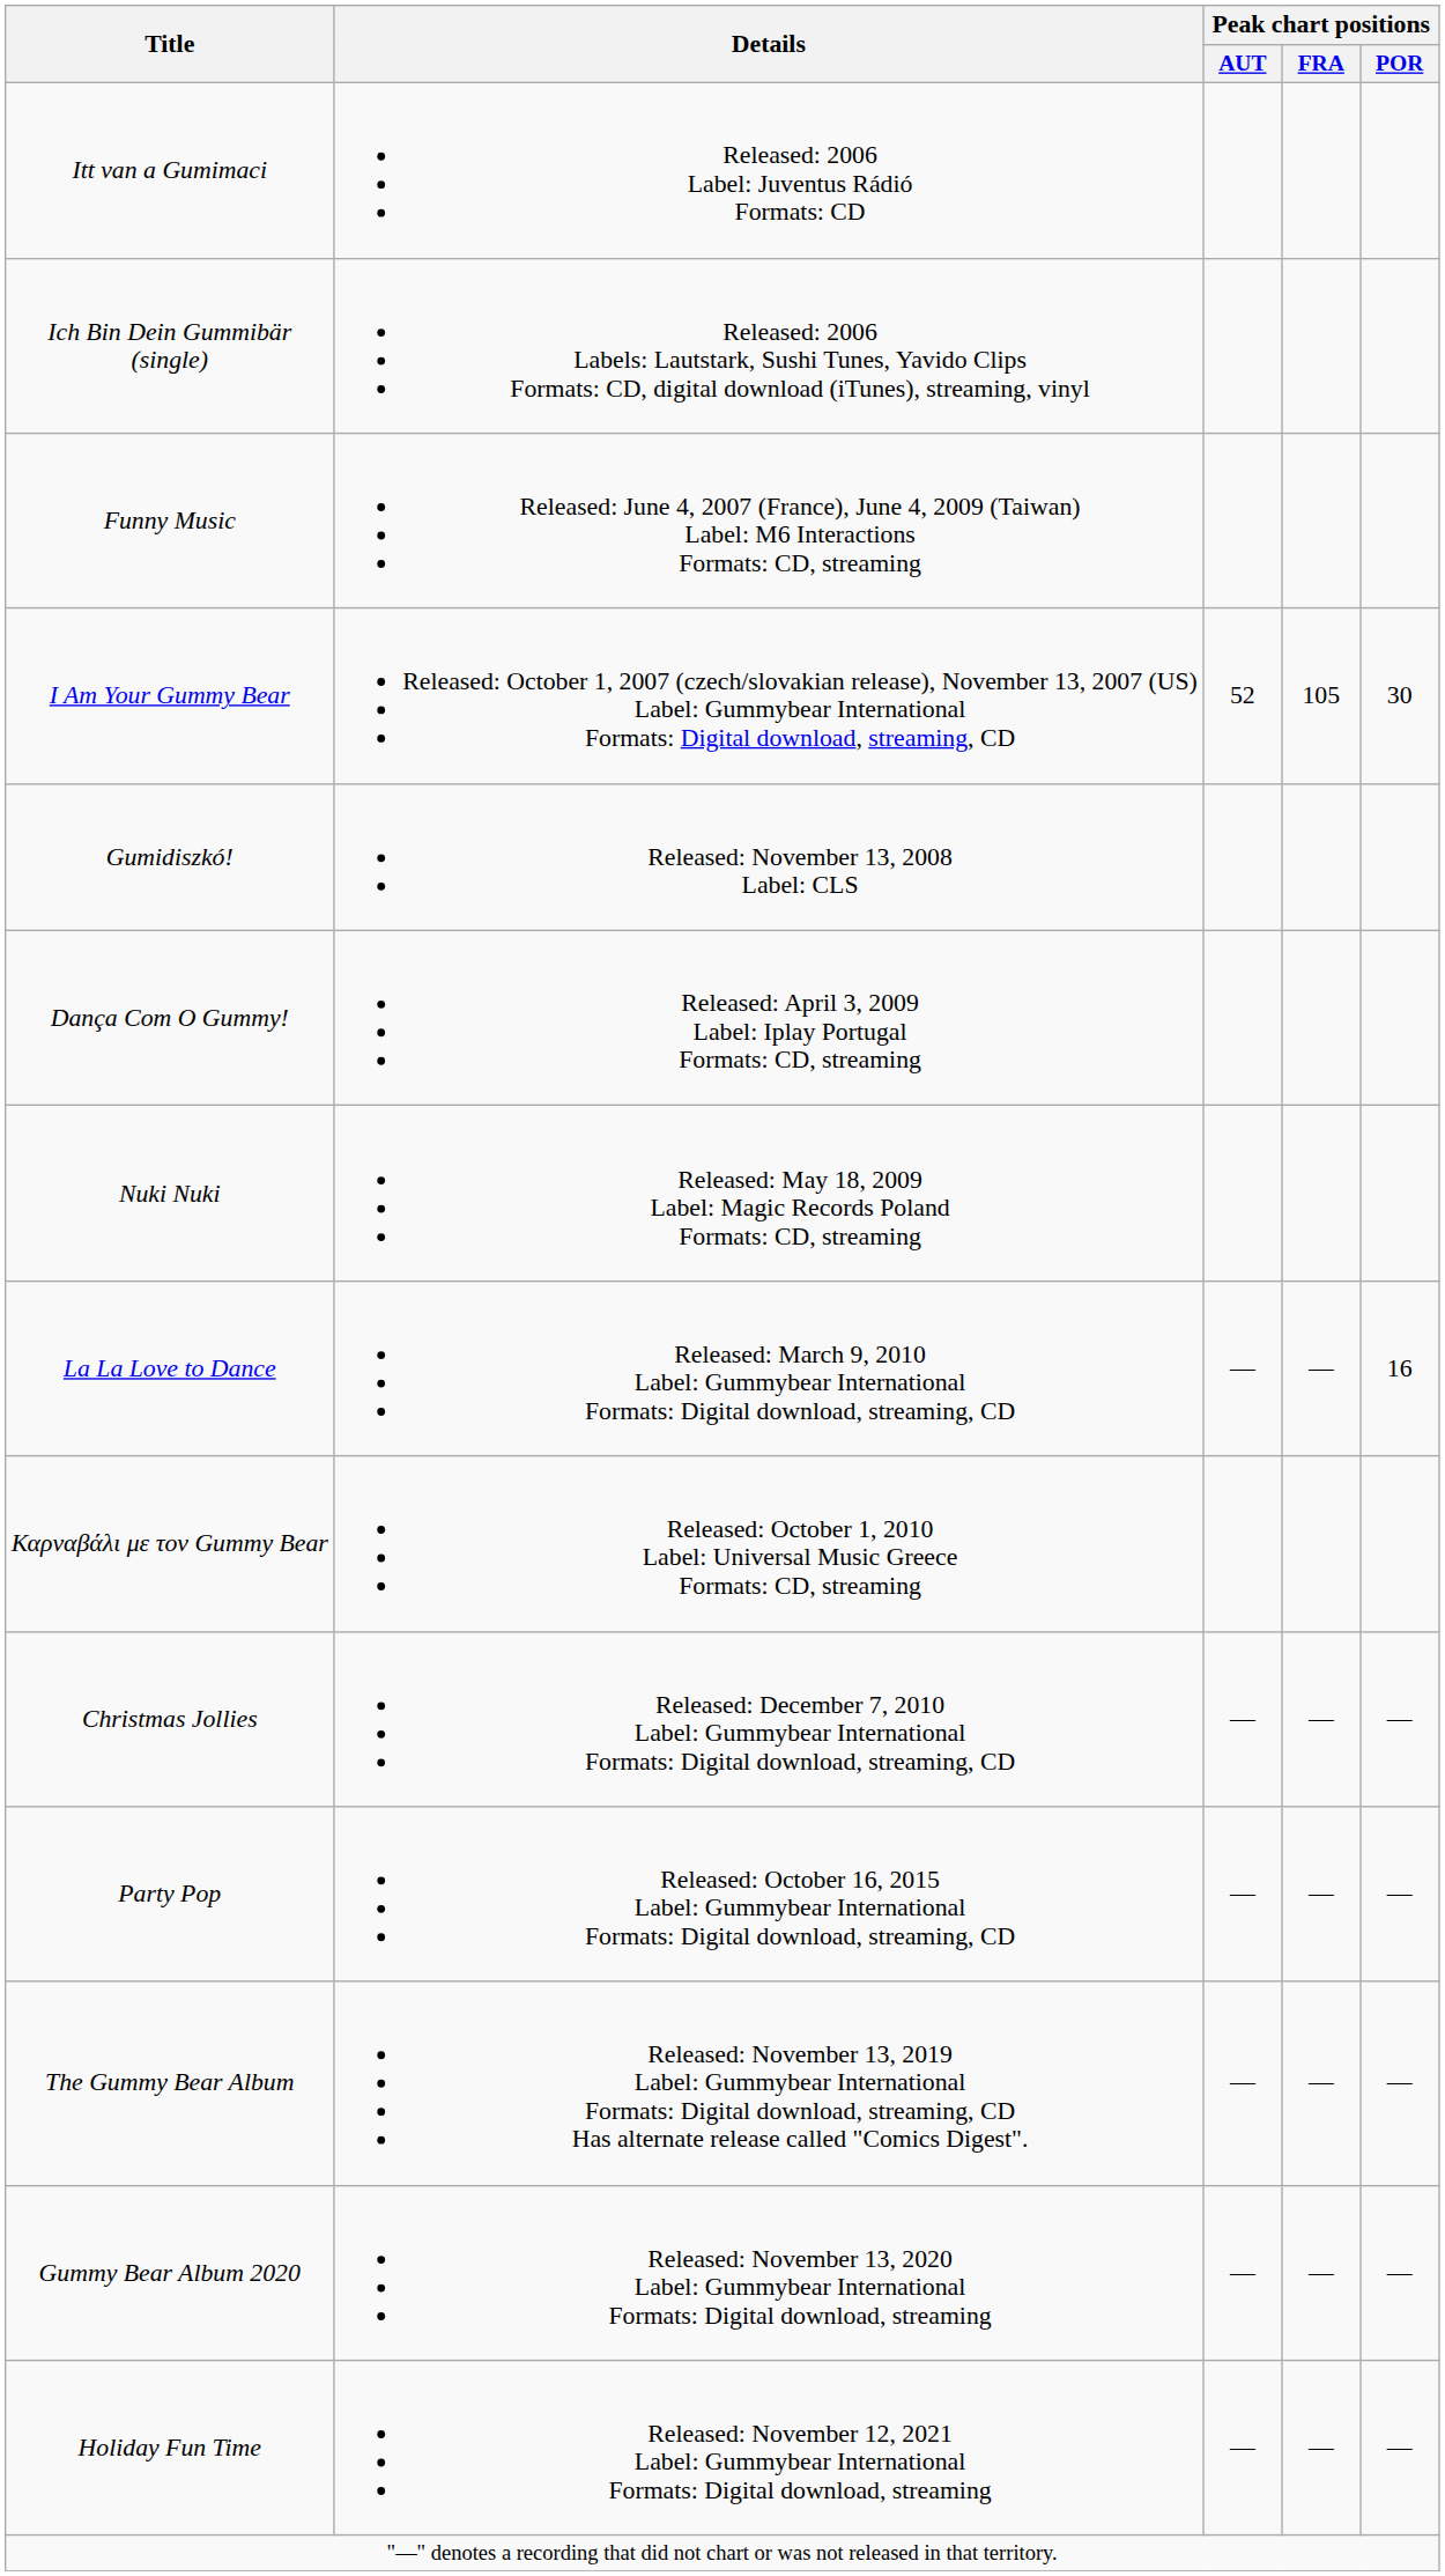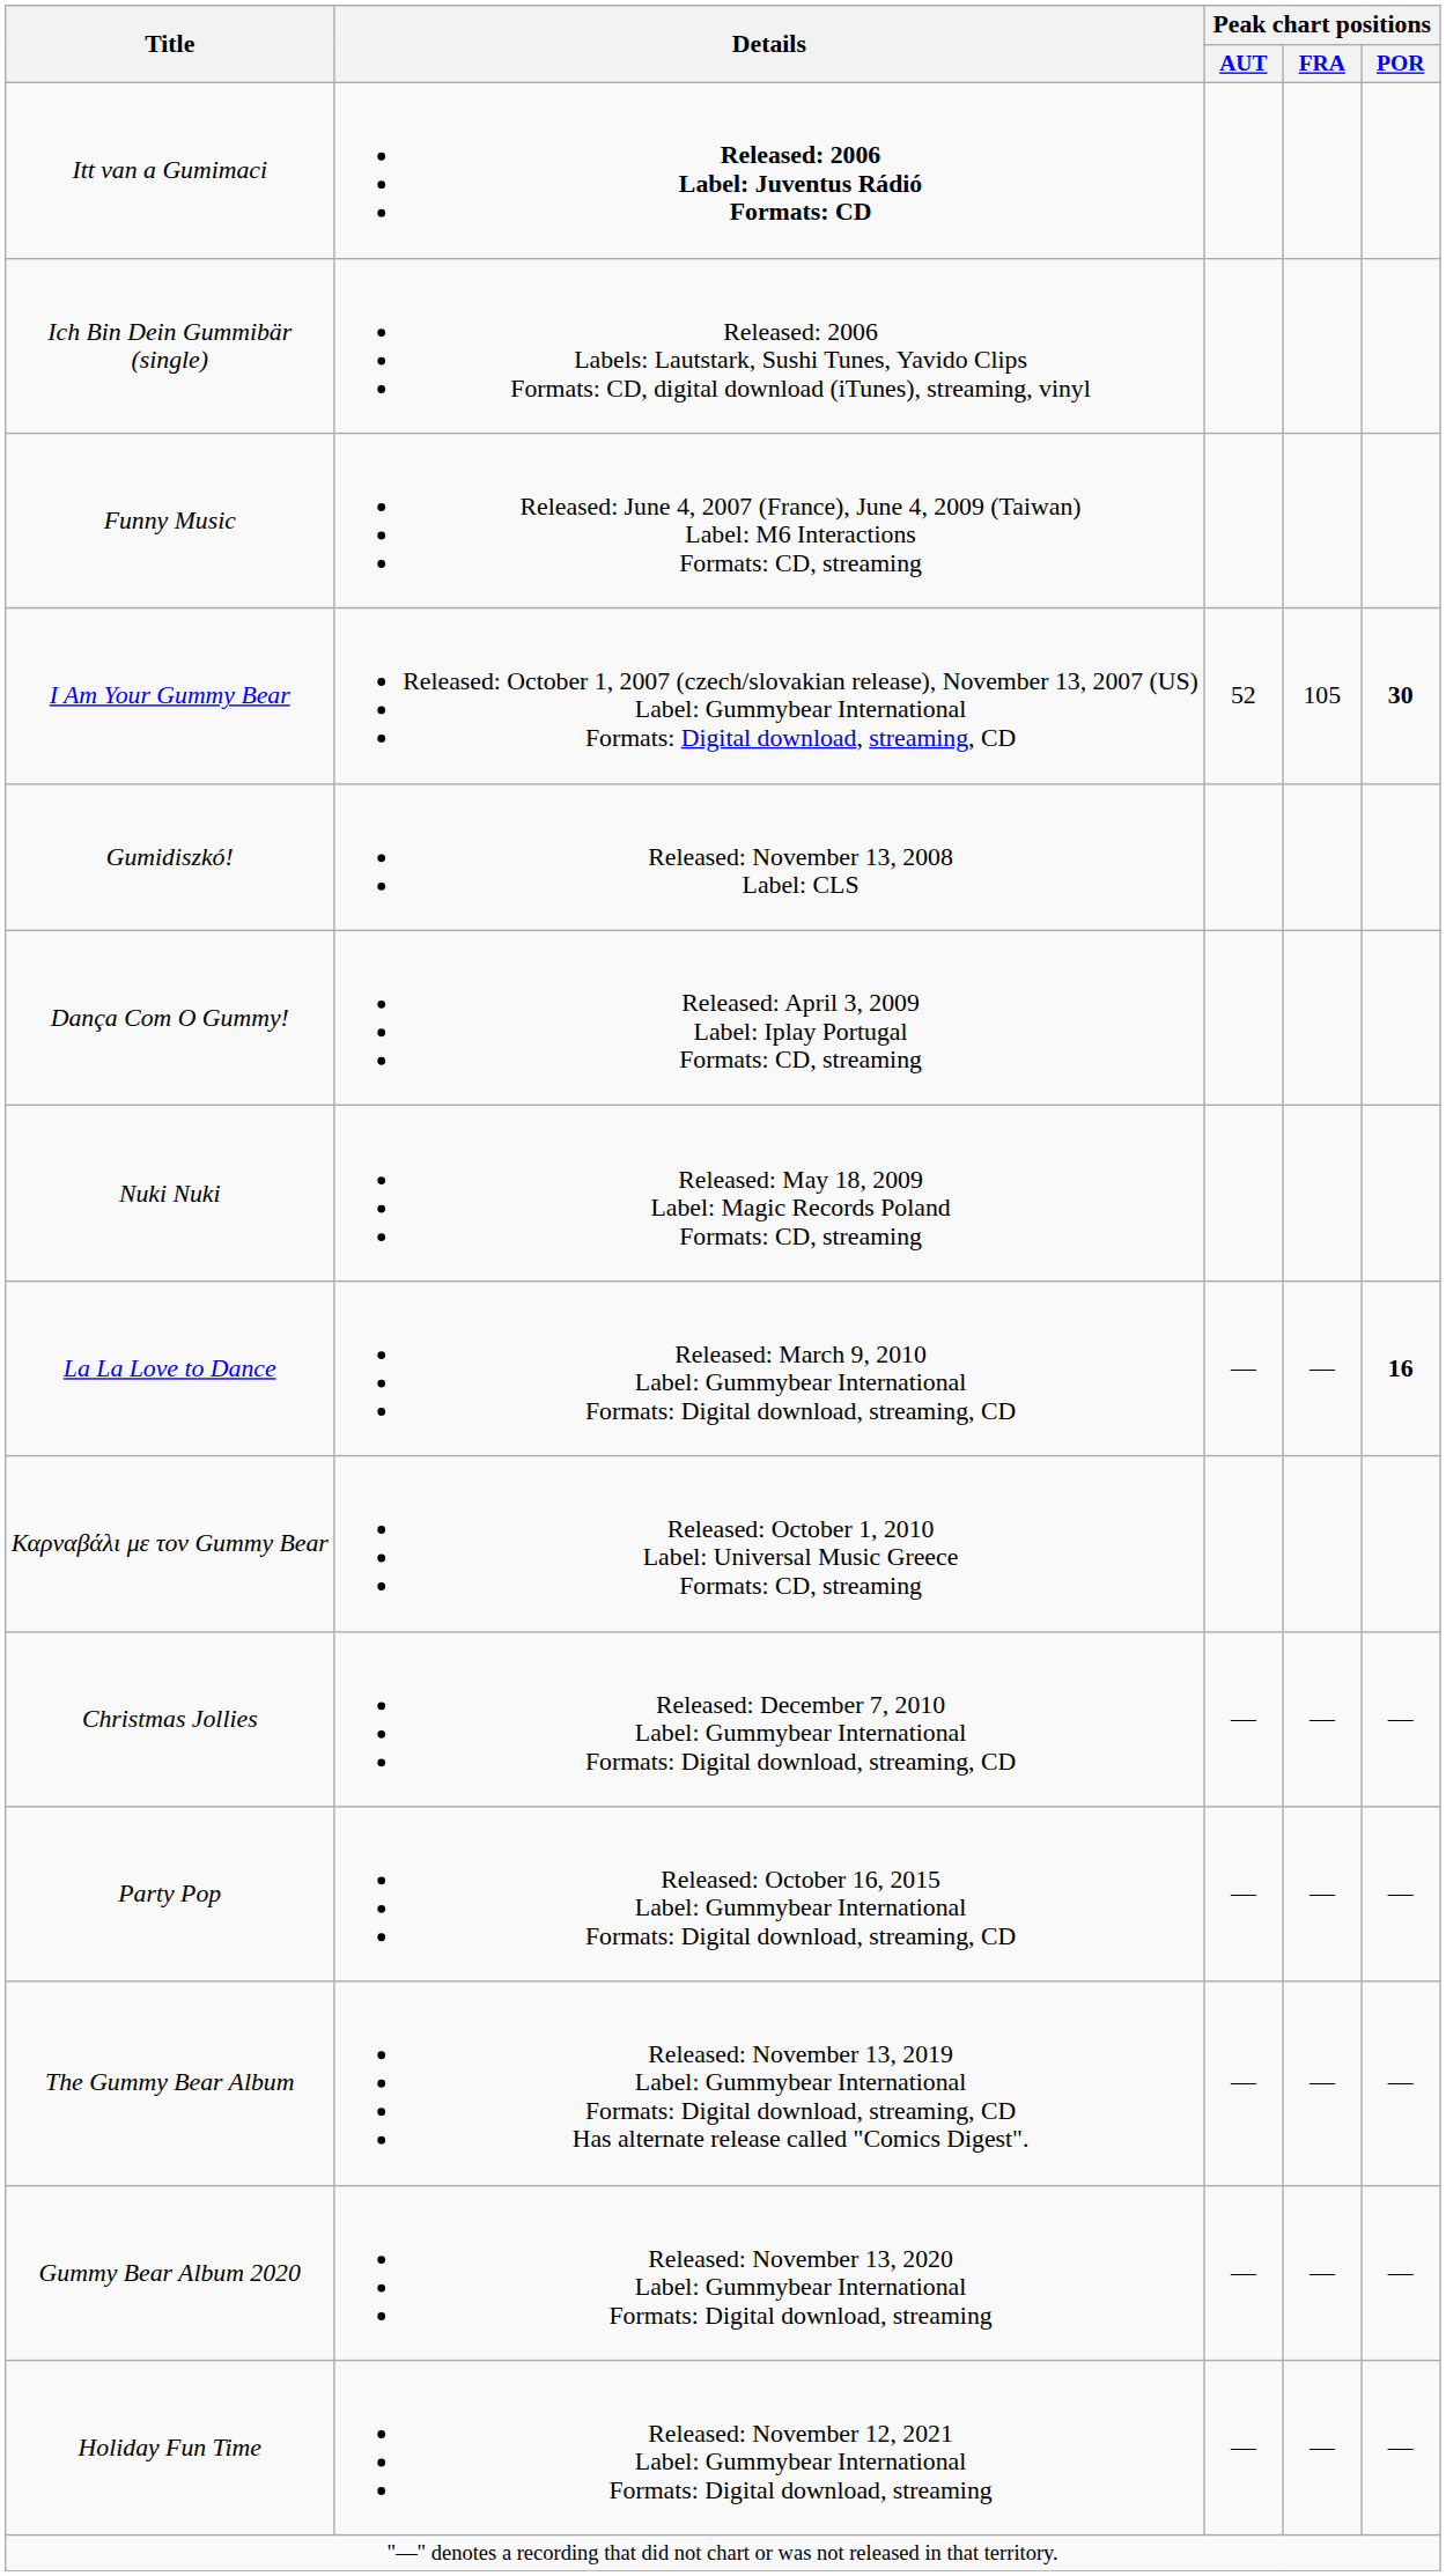 <table class="wikitable plainrowheaders" style="text-align:center;">
 <tr>
 <th scope="col" rowspan="2">Title</th>
 <th scope="col" rowspan="2">Details</th>
 <th scope="col" colspan="9">Peak chart positions</th>
 </tr>
 <tr>
 <th scope="col" style="width:3em;font-size:90%;"><a href='#'>AUT</a><br></th>
 <th scope="col" style="width:3em;font-size:90%;"><a href='#'>FRA</a><br></th>
 <th scope="col" style="width:3em;font-size:90%;"><a href='#'>POR</a><br></th>
 </tr>
 <tr>
 <td><em>Itt van a Gumimaci</em></td>
-<td><br><ul><li>Released: 2006</li><li>Label: Juventus Rádió</li><li>Formats: CD</li></ul></td>
+<td><strong><br><ul><li>Released: 2006</li><li>Label: Juventus Rádió</li><li>Formats: CD</li></ul></strong></td>
 <td></td>
 <td></td>
 <td></td>
 </tr>
 <tr>
 <td><em>Ich Bin Dein Gummibär</em><br><em>(single)</em></td>
 <td><br><ul><li>Released: 2006</li><li>Labels: Lautstark, Sushi Tunes, Yavido Clips</li><li>Formats: CD, digital download (iTunes), streaming, vinyl</li></ul></td>
 <td></td>
 <td></td>
 <td></td>
 </tr>
 <tr>
 <td><em>Funny Music</em></td>
 <td><br><ul><li>Released: June 4, 2007 (France), June 4, 2009 (Taiwan)</li><li>Label: M6 Interactions</li><li>Formats: CD, streaming</li></ul></td>
 <td></td>
 <td></td>
 <td></td>
 </tr>
 <tr>
 <td><em><a href='#'>I Am Your Gummy Bear</a></em></td>
 <td><br><ul><li>Released: October 1, 2007 (czech/slovakian release), November 13, 2007 (US)</li><li>Label: Gummybear International</li><li>Formats: <a href='#'>Digital download</a>, <a href='#'>streaming</a>, CD</li></ul></td>
 <td>52</td>
 <td>105</td>
-<td>30</td>
+<td><strong>30</strong></td>
 </tr>
 <tr>
 <td><em>Gumidiszkó!</em></td>
 <td><br><ul><li>Released: November 13, 2008</li><li>Label: CLS</li></ul></td>
 <td></td>
 <td></td>
 <td></td>
 </tr>
 <tr>
 <td><em>Dança Com O Gummy!</em></td>
 <td><br><ul><li>Released: April 3, 2009</li><li>Label: Iplay Portugal</li><li>Formats: CD, streaming</li></ul></td>
 <td></td>
 <td></td>
 <td></td>
 </tr>
 <tr>
 <td><em>Nuki Nuki</em></td>
 <td><br><ul><li>Released: May 18, 2009</li><li>Label: Magic Records Poland</li><li>Formats: CD, streaming</li></ul></td>
 <td></td>
 <td></td>
 <td></td>
 </tr>
 <tr>
 <td><em><a href='#'>La La Love to Dance</a></em></td>
 <td><br><ul><li>Released: March 9, 2010</li><li>Label: Gummybear International</li><li>Formats: Digital download, streaming, CD</li></ul></td>
 <td>—</td>
 <td>—</td>
-<td>16</td>
+<td><strong>16</strong></td>
 </tr>
 <tr>
 <td><em>Καρναβάλι με τον Gummy Bear</em></td>
 <td><br><ul><li>Released: October 1, 2010</li><li>Label: Universal Music Greece</li><li>Formats: CD, streaming</li></ul></td>
 <td></td>
 <td></td>
 <td></td>
 </tr>
 <tr>
 <td><em>Christmas Jollies</em></td>
 <td><br><ul><li>Released: December 7, 2010</li><li>Label: Gummybear International</li><li>Formats: Digital download, streaming, CD</li></ul></td>
 <td>—</td>
 <td>—</td>
 <td>—</td>
 </tr>
 <tr>
 <td><em>Party Pop</em></td>
 <td><br><ul><li>Released: October 16, 2015</li><li>Label: Gummybear International</li><li>Formats: Digital download, streaming, CD</li></ul></td>
 <td>—</td>
 <td>—</td>
 <td>—</td>
 </tr>
 <tr>
 <td><em>The Gummy Bear Album</em></td>
 <td><br><ul><li>Released: November 13, 2019</li><li>Label: Gummybear International</li><li>Formats: Digital download, streaming, CD</li><li>Has alternate release called "Comics Digest".</li></ul></td>
 <td>—</td>
 <td>—</td>
 <td>—</td>
 </tr>
 <tr>
 <td><em>Gummy Bear Album 2020</em></td>
 <td><br><ul><li>Released: November 13, 2020</li><li>Label: Gummybear International</li><li>Formats: Digital download, streaming</li></ul></td>
 <td>—</td>
 <td>—</td>
 <td>—</td>
 </tr>
 <tr>
 <td><em>Holiday Fun Time</em></td>
 <td><br><ul><li>Released: November 12, 2021</li><li>Label: Gummybear International</li><li>Formats: Digital download, streaming</li></ul></td>
 <td>—</td>
 <td>—</td>
 <td>—</td>
 </tr>
 <tr>
 <td colspan="5" style="font-size:85%">"—" denotes a recording that did not chart or was not released in that territory.</td>
 </tr>
 </table>
